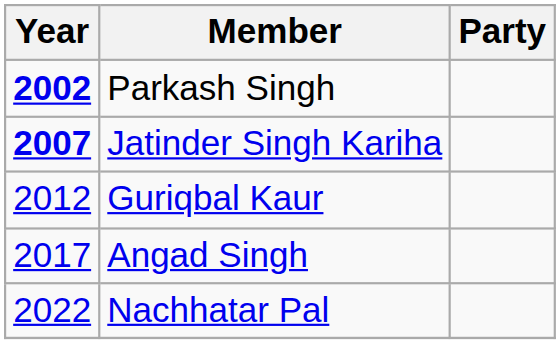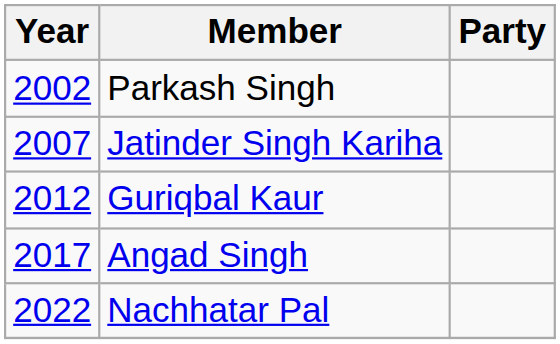 <table class="wikitable sortable">
 <tr>
 <th>Year</th>
 <th>Member</th>
 <th colspan="2">Party</th>
 </tr>
 <tr>
-<td><strong><a href='#'>2002</a></strong></td>
+<td><a href='#'>2002</a></td>
 <td>Parkash Singh</td>
 <td></td>
 </tr>
 <tr>
-<td><strong><a href='#'>2007</a></strong></td>
+<td><a href='#'>2007</a></td>
 <td><a href='#'>Jatinder Singh Kariha</a></td>
 <td></td>
 </tr>
 <tr>
 <td><a href='#'>2012</a></td>
 <td><a href='#'>Guriqbal Kaur</a></td>
 <td></td>
 </tr>
 <tr>
 <td><a href='#'>2017</a></td>
 <td><a href='#'>Angad Singh</a></td>
 </tr>
 <tr>
 <td><a href='#'>2022</a></td>
 <td><a href='#'>Nachhatar Pal</a></td>
 <td></td>
 </tr>
 <tr>
 </tr>
 </table>
